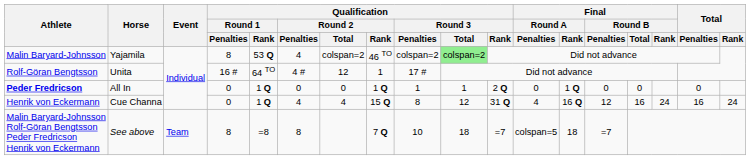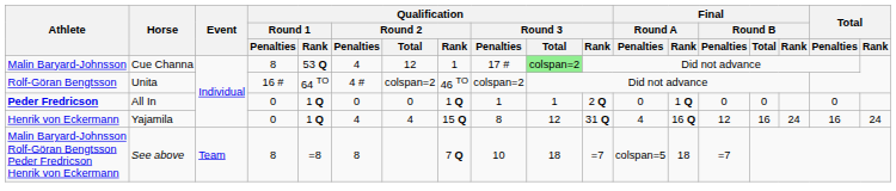 <table class="wikitable" style="font-size:90%">
 <tr>
 <th rowspan="3">Athlete</th>
 <th rowspan="3">Horse</th>
 <th rowspan="3">Event</th>
 <th colspan="8">Qualification</th>
 <th colspan="5">Final</th>
 <th rowspan=2 colspan="2">Total</th>
 </tr>
 <tr style="font-size:95%">
 <th colspan="2">Round 1</th>
 <th colspan="3">Round 2</th>
 <th colspan="3">Round 3</th>
 <th colspan="2">Round A</th>
 <th colspan="3">Round B</th>
 </tr>
 <tr style="font-size:95%">
 <th>Penalties</th>
 <th>Rank</th>
 <th>Penalties</th>
 <th>Total</th>
 <th>Rank</th>
 <th>Penalties</th>
 <th>Total</th>
 <th>Rank</th>
 <th>Penalties</th>
 <th>Rank</th>
 <th>Penalties</th>
 <th>Total</th>
 <th>Rank</th>
 <th>Penalties</th>
 <th>Rank</th>
 </tr>
 <tr align=center>
 <td align=left><a href='#'>Malin Baryard-Johnsson</a></td>
-<td align=left>Yajamila</td>
+<td align=left>Cue Channa</td>
 <td style="text-align:left;" rowspan="4"><a href='#'>Individual</a></td>
 <td>8</td>
 <td>53 <strong>Q</strong></td>
 <td>4</td>
-<td>colspan=2 </td>
-<td>46 <sup>TO</sup></td>
-<td>colspan=2 </td>
+<td>12</td>
+<td>1</td>
+<td>17 #</td>
 <td style="background: lightgreen;">colspan=2 </td>
 <td colspan=7>Did not advance</td>
 </tr>
 <tr align=center>
 <td align=left><a href='#'>Rolf-Göran Bengtsson</a></td>
 <td align=left>Unita</td>
 <td>16 #</td>
 <td>64 <sup>TO</sup></td>
 <td>4 #</td>
-<td>12</td>
-<td>1</td>
-<td>17 #</td>
+<td>colspan=2 </td>
+<td>46 <sup>TO</sup></td>
+<td>colspan=2 </td>
 <td colspan=7>Did not advance</td>
 </tr>
 <tr align=center>
 <td align=left><strong><a href='#'>Peder Fredricson</a></strong></td>
 <td align=left>All In</td>
 <td>0</td>
 <td>1 <strong>Q</strong></td>
 <td>0</td>
 <td>0</td>
 <td>1 <strong>Q</strong></td>
 <td>1</td>
 <td>1</td>
 <td>2 <strong>Q</strong></td>
 <td>0</td>
 <td>1 <strong>Q</strong></td>
 <td>0</td>
 <td>0</td>
 <td></td>
 <td>0</td>
 <td></td>
 </tr>
 <tr align=center>
 <td align=left><a href='#'>Henrik von Eckermann</a></td>
-<td align=left>Cue Channa</td>
+<td align=left>Yajamila</td>
 <td>0</td>
 <td>1 <strong>Q</strong></td>
 <td>4</td>
 <td>4</td>
 <td>15 <strong>Q</strong></td>
 <td>8</td>
 <td>12</td>
 <td>31 <strong>Q</strong></td>
 <td>4</td>
 <td>16 <strong>Q</strong></td>
 <td>12</td>
 <td>16</td>
 <td>24</td>
 <td>16</td>
 <td>24</td>
 </tr>
 <tr align=center>
 <td align=left><a href='#'>Malin Baryard-Johnsson</a><br><a href='#'>Rolf-Göran Bengtsson</a><br><a href='#'>Peder Fredricson</a><br><a href='#'>Henrik von Eckermann</a></td>
 <td align=left><em>See above</em></td>
 <td align=left><a href='#'>Team</a></td>
 <td>8</td>
 <td>=8</td>
 <td>8</td>
 <td></td>
 <td>7 <strong>Q</strong></td>
 <td>10</td>
 <td>18</td>
 <td>=7</td>
 <td>colspan=5 </td>
 <td>18</td>
 <td>=7</td>
 </tr>
 </table>
